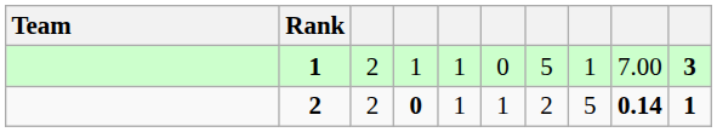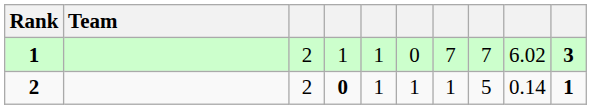 <table class="wikitable" style="text-align: center;">
 <tr>
+<th width=30>Rank</th>
 <th width=165 style="text-align:left;">Team</th>
-<th width=30>Rank</th>
 <th width=20></th>
 <th width=20></th>
 <th width=20></th>
 <th width=20></th>
 <th width=20></th>
 <th width=20></th>
 <th width=20></th>
 <th width=20></th>
 </tr>
 <tr style="background:#ccffcc;">
+<td><strong>1</strong></td>
 <td style="text-align:left;"></td>
-<td><strong>1</strong></td>
 <td>2</td>
 <td>1</td>
 <td>1</td>
 <td>0</td>
-<td>5</td>
-<td>1</td>
-<td>7.00</td>
+<td>7</td>
+<td>7</td>
+<td>6.02</td>
 <td><strong>3</strong></td>
 </tr>
 <tr>
+<td><strong>2</strong></td>
 <td style="text-align:left;"></td>
-<td><strong>2</strong></td>
 <td>2</td>
 <td><strong>0</strong></td>
 <td>1</td>
 <td>1</td>
-<td>2</td>
+<td>1</td>
 <td>5</td>
-<td><strong>0.14</strong></td>
+<td>0.14</td>
 <td><strong>1</strong></td>
 </tr>
 </table>
